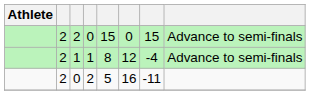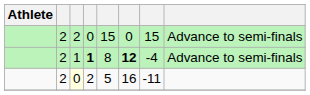 <table class=wikitable style="text-align:center">
 <tr>
 <th>Athlete</th>
 <th></th>
 <th></th>
 <th></th>
 <th></th>
 <th></th>
 <th></th>
 <th></th>
 </tr>
 <tr bgcolor=bbf3bb>
 <td style="text-align:left"></td>
 <td>2</td>
 <td>2</td>
 <td>0</td>
 <td>15</td>
 <td>0</td>
 <td>15</td>
 <td>Advance to semi-finals</td>
 </tr>
 <tr bgcolor=bbf3bb>
 <td style="text-align:left"></td>
 <td>2</td>
 <td>1</td>
-<td>1</td>
+<td><strong>1</strong></td>
 <td>8</td>
-<td>12</td>
+<td><strong>12</strong></td>
 <td>-4</td>
 <td>Advance to semi-finals</td>
 </tr>
 <tr>
 <td style="text-align:left"></td>
 <td>2</td>
-<td>0</td>
+<td style="background: lightyellow;">0</td>
 <td>2</td>
 <td>5</td>
 <td>16</td>
 <td>-11</td>
 <td></td>
 </tr>
 <tr>
 </tr>
 </table>
